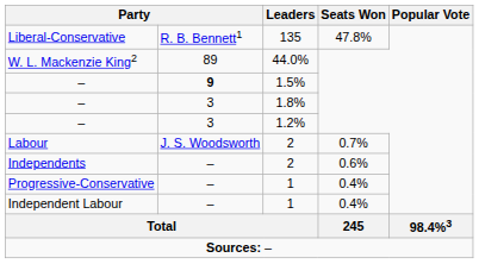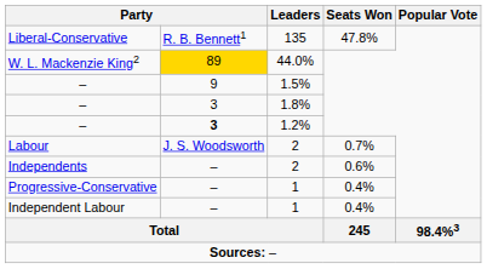 <table class="wikitable">
 <tr>
 <th colspan="2">Party</th>
 <th>Leaders</th>
 <th>Seats Won</th>
 <th>Popular Vote</th>
 </tr>
 <tr>
 <td><a href='#'>Liberal-Conservative</a></td>
 <td><a href='#'>R. B. Bennett</a><sup>1</sup></td>
 <td align=center>135</td>
 <td align=center>47.8%</td>
 </tr>
 <tr>
 <td><a href='#'>W. L. Mackenzie King</a><sup>2</sup></td>
-<td align=center>89</td>
+<td align=center style="background: gold;">89</td>
 <td align=center>44.0%</td>
 </tr>
 <tr>
 <td align=center>–</td>
-<td align=center><strong>9</strong></td>
+<td align=center>9</td>
 <td align=center>1.5%</td>
 </tr>
 <tr>
 <td align=center>–</td>
 <td align=center>3</td>
 <td align=center>1.8%</td>
 </tr>
 <tr>
 <td align=center>–</td>
-<td align=center>3</td>
+<td align=center><strong>3</strong></td>
 <td align=center>1.2%</td>
 </tr>
 <tr>
 <td><a href='#'>Labour</a></td>
 <td><a href='#'>J. S. Woodsworth</a></td>
 <td align=center>2</td>
 <td align=center>0.7%</td>
 </tr>
 <tr>
 <td><a href='#'>Independents</a></td>
 <td align=center>–</td>
 <td align=center>2</td>
 <td align=center>0.6%</td>
 </tr>
 <tr>
 <td><a href='#'>Progressive-Conservative</a></td>
 <td align=center>–</td>
 <td align=center>1</td>
 <td align=center>0.4%</td>
 </tr>
 <tr>
 <td>Independent Labour</td>
 <td align=center>–</td>
 <td align=center>1</td>
 <td align=center>0.4%</td>
 </tr>
 <tr>
 <th colspan=3>Total</th>
 <th>245</th>
 <th>98.4%<sup>3</sup></th>
 </tr>
 <tr>
 <td align="center" colspan=5><strong>Sources:</strong>  – </td>
 </tr>
 </table>
